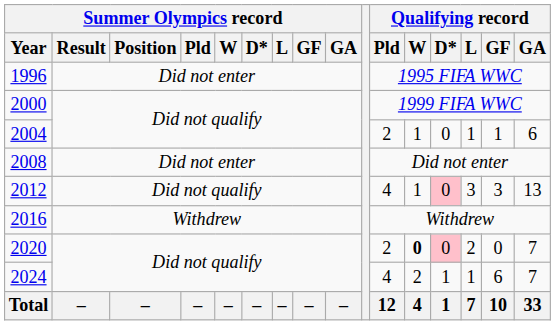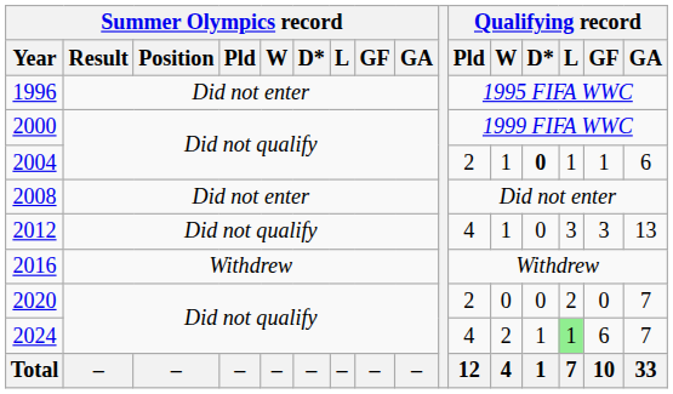 <table class="wikitable" style="text-align: center;">
 <tr>
 <th colspan=9><a href='#'>Summer Olympics</a> record</th>
 <th rowspan=11></th>
 <th colspan=6><a href='#'>Qualifying</a> record</th>
 </tr>
 <tr>
 <th>Year</th>
 <th>Result</th>
 <th>Position</th>
 <th>Pld</th>
 <th>W</th>
 <th>D*</th>
 <th>L</th>
 <th>GF</th>
 <th>GA</th>
 <th>Pld</th>
 <th>W</th>
 <th>D*</th>
 <th>L</th>
 <th>GF</th>
 <th>GA</th>
 </tr>
 <tr>
 <td> <a href='#'>1996</a></td>
 <td colspan=8><em>Did not enter</em></td>
 <td colspan=6><em><a href='#'>1995 FIFA WWC</a></em></td>
 </tr>
 <tr>
 <td> <a href='#'>2000</a></td>
 <td colspan=8 rowspan=2><em>Did not qualify</em></td>
 <td colspan=6><em><a href='#'>1999 FIFA WWC</a></em></td>
 </tr>
 <tr>
 <td> <a href='#'>2004</a></td>
 <td>2</td>
 <td>1</td>
-<td>0</td>
+<td><strong>0</strong></td>
 <td>1</td>
 <td>1</td>
 <td>6</td>
 </tr>
 <tr>
 <td> <a href='#'>2008</a></td>
 <td colspan=8><em>Did not enter</em></td>
 <td colspan=6><em>Did not enter</em></td>
 </tr>
 <tr>
 <td> <a href='#'>2012</a></td>
 <td colspan=8><em>Did not qualify</em></td>
 <td>4</td>
 <td>1</td>
-<td style="background: pink;">0</td>
+<td>0</td>
 <td>3</td>
 <td>3</td>
 <td>13</td>
 </tr>
 <tr>
 <td> <a href='#'>2016</a></td>
 <td colspan=8><em>Withdrew</em></td>
 <td colspan=6><em>Withdrew</em></td>
 </tr>
 <tr>
 <td> <a href='#'>2020</a></td>
 <td colspan=8 rowspan=2><em>Did not qualify</em></td>
 <td>2</td>
-<td><strong>0</strong></td>
-<td style="background: pink;">0</td>
+<td>0</td>
+<td>0</td>
 <td>2</td>
 <td>0</td>
 <td>7</td>
 </tr>
 <tr>
 <td> <a href='#'>2024</a></td>
 <td>4</td>
 <td>2</td>
 <td>1</td>
-<td>1</td>
+<td style="background: lightgreen;">1</td>
 <td>6</td>
 <td>7</td>
 </tr>
 <tr>
 <th>Total</th>
 <th>–</th>
 <th>–</th>
 <th>–</th>
 <th>–</th>
 <th>–</th>
 <th>–</th>
 <th>–</th>
 <th>–</th>
 <th>12</th>
 <th>4</th>
 <th>1</th>
 <th>7</th>
 <th>10</th>
 <th>33</th>
 </tr>
 </table>
